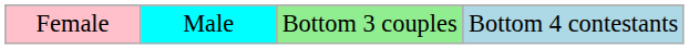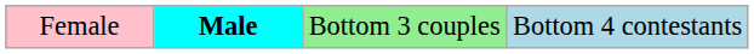 <table class="wikitable" style="margin:1em auto; text-align:center;">
 <tr>
 </tr>
 <tr>
 <td style="background:pink;" width="20%">Female</td>
-<td style="background:cyan;" width="20%">Male</td>
+<td style="background:cyan;" width="20%"><strong>Male</strong></td>
 <td style="background:lightgreen;">Bottom 3 couples</td>
 <td style="background:lightblue;">Bottom 4 contestants</td>
 </tr>
 </table>
